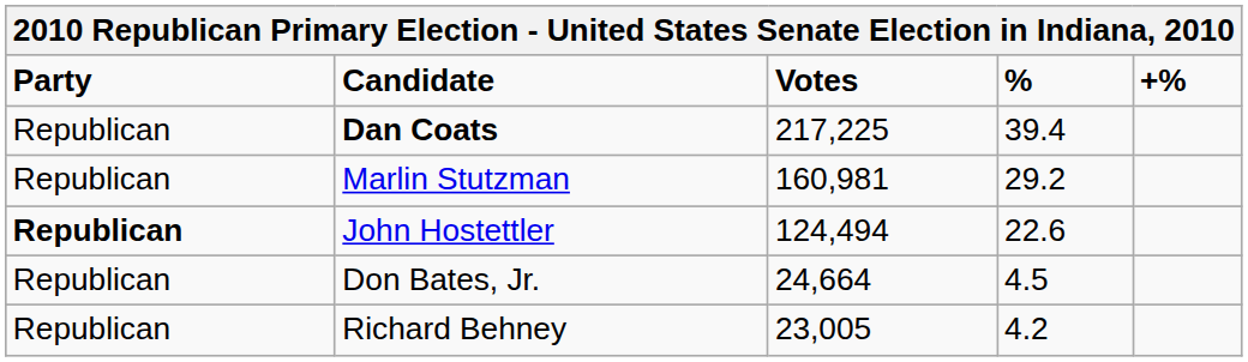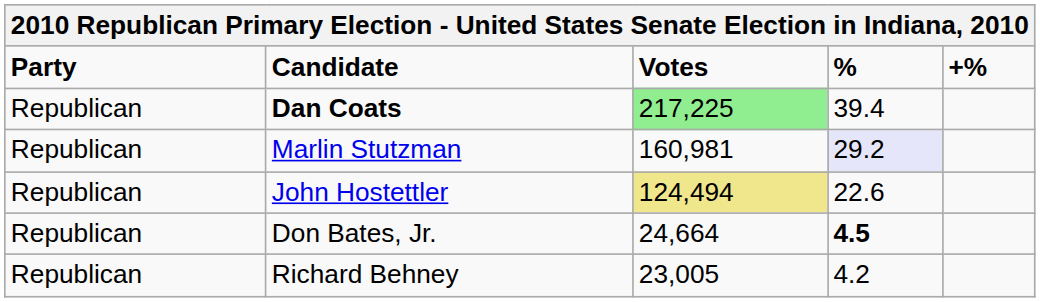 <table class="wikitable">
 <tr>
 <th colspan="5">2010 Republican Primary Election - United States Senate Election in Indiana, 2010</th>
 </tr>
 <tr>
 <td><strong>Party</strong></td>
 <td><strong>Candidate</strong></td>
 <td><strong>Votes</strong></td>
 <td><strong>%</strong></td>
 <td><strong>+%</strong></td>
 </tr>
 <tr>
 <td>Republican</td>
 <td><strong>Dan Coats</strong></td>
-<td>217,225</td>
+<td style="background: lightgreen;">217,225</td>
 <td>39.4</td>
 <td></td>
 </tr>
 <tr>
 <td>Republican</td>
 <td><a href='#'>Marlin Stutzman</a></td>
 <td>160,981</td>
-<td>29.2</td>
+<td style="background: lavender;">29.2</td>
 <td></td>
 </tr>
 <tr>
-<td><strong>Republican</strong></td>
+<td>Republican</td>
 <td><a href='#'>John Hostettler</a></td>
-<td>124,494</td>
+<td style="background: khaki;">124,494</td>
 <td>22.6</td>
 <td></td>
 </tr>
 <tr>
 <td>Republican</td>
 <td>Don Bates, Jr.</td>
 <td>24,664</td>
-<td>4.5</td>
+<td><strong>4.5</strong></td>
 <td></td>
 </tr>
 <tr>
 <td>Republican</td>
 <td>Richard Behney</td>
 <td>23,005</td>
 <td>4.2</td>
 <td></td>
 </tr>
 </table>
